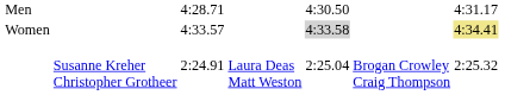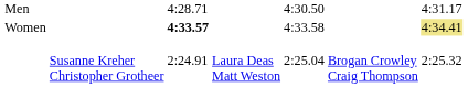 <table>
 <tr>
 <td>Men<br></td>
 <td></td>
 <td>4:28.71</td>
 <td></td>
 <td>4:30.50</td>
 <td></td>
 <td>4:31.17</td>
 </tr>
 <tr>
 <td>Women<br></td>
 <td></td>
-<td>4:33.57</td>
+<td><strong>4:33.57</strong></td>
 <td></td>
-<td style="background: lightgrey;">4:33.58</td>
+<td>4:33.58</td>
 <td></td>
 <td style="background: khaki;">4:34.41</td>
 </tr>
 <tr>
 <td><br></td>
 <td><br><a href='#'>Susanne Kreher</a><br><a href='#'>Christopher Grotheer</a></td>
 <td>2:24.91</td>
 <td><br><a href='#'>Laura Deas</a><br><a href='#'>Matt Weston</a></td>
 <td>2:25.04</td>
 <td><br><a href='#'>Brogan Crowley</a><br><a href='#'>Craig Thompson</a></td>
 <td>2:25.32</td>
 </tr>
 </table>
